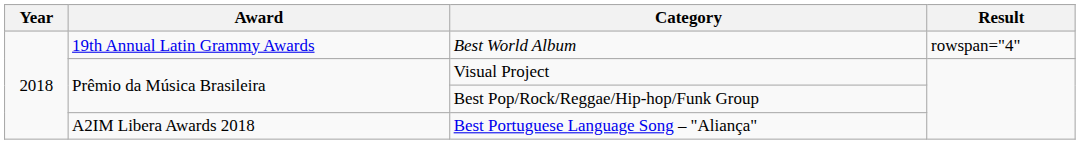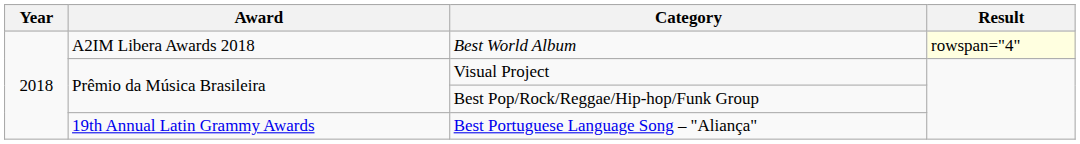 <table class="wikitable" width="80%">
 <tr>
 <th>Year</th>
 <th>Award</th>
 <th>Category</th>
 <th>Result</th>
 </tr>
 <tr>
 <td rowspan="4" align="center">2018</td>
-<td><a href='#'>19th Annual Latin Grammy Awards</a></td>
+<td>A2IM Libera Awards 2018</td>
 <td><em>Best World Album</em></td>
-<td>rowspan="4" </td>
+<td style="background: lightyellow;">rowspan="4" </td>
 </tr>
 <tr>
 <td rowspan="2">Prêmio da Música Brasileira</td>
 <td>Visual Project</td>
 </tr>
 <tr>
 <td>Best Pop/Rock/Reggae/Hip-hop/Funk Group</td>
 </tr>
 <tr>
-<td>A2IM Libera Awards 2018</td>
+<td><a href='#'>19th Annual Latin Grammy Awards</a></td>
 <td><a href='#'>Best Portuguese Language Song</a> – "Aliança"</td>
 </tr>
 </table>
